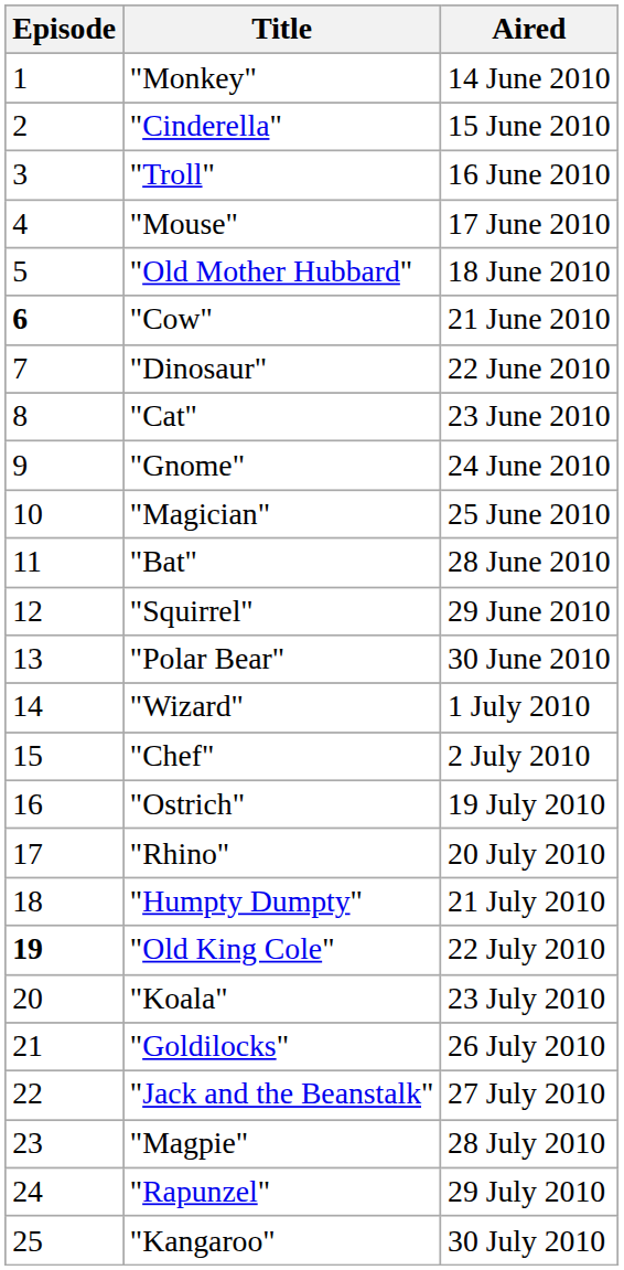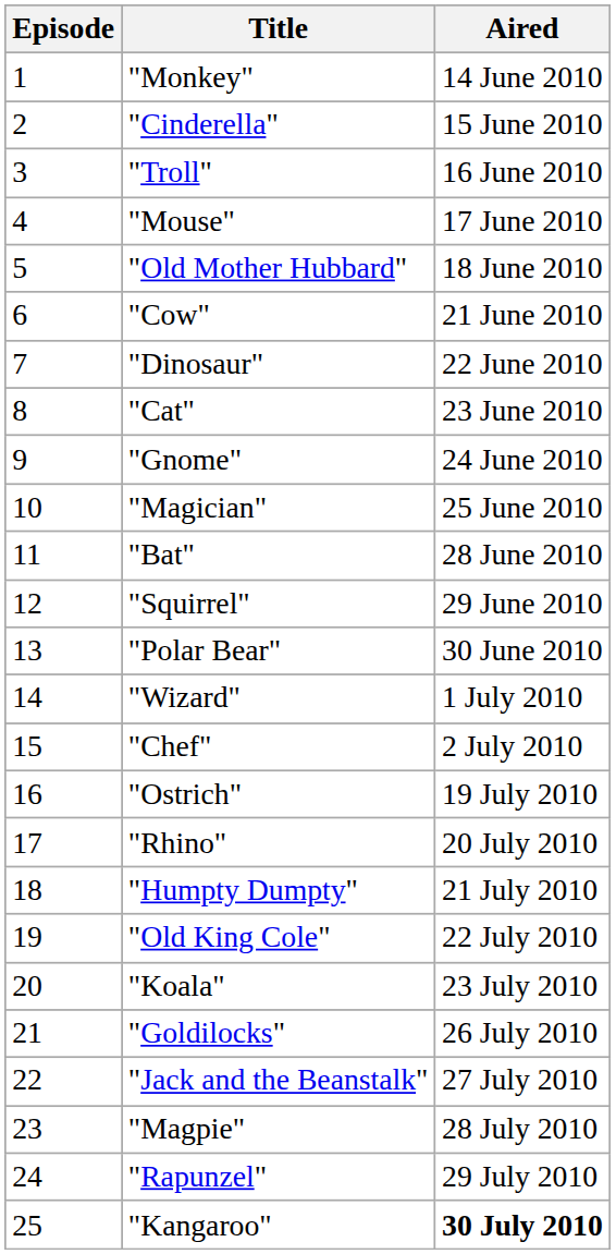 <table class="wikitable sortable" style="background: #FFFFFF;">
 <tr>
 <th>Episode</th>
 <th>Title</th>
 <th>Aired</th>
 </tr>
 <tr>
 <td>1</td>
 <td>"Monkey"</td>
 <td>14 June 2010</td>
 </tr>
 <tr>
 <td>2</td>
 <td>"<a href='#'>Cinderella</a>"</td>
 <td>15 June 2010</td>
 </tr>
 <tr>
 <td>3</td>
 <td>"<a href='#'>Troll</a>"</td>
 <td>16 June 2010</td>
 </tr>
 <tr>
 <td>4</td>
 <td>"Mouse"</td>
 <td>17 June 2010</td>
 </tr>
 <tr>
 <td>5</td>
 <td>"<a href='#'>Old Mother Hubbard</a>"</td>
 <td>18 June 2010</td>
 </tr>
 <tr>
-<td><strong>6</strong></td>
+<td>6</td>
 <td>"Cow"</td>
 <td>21 June 2010</td>
 </tr>
 <tr>
 <td>7</td>
 <td>"Dinosaur"</td>
 <td>22 June 2010</td>
 </tr>
 <tr>
 <td>8</td>
 <td>"Cat"</td>
 <td>23 June 2010</td>
 </tr>
 <tr>
 <td>9</td>
 <td>"Gnome"</td>
 <td>24 June 2010</td>
 </tr>
 <tr>
 <td>10</td>
 <td>"Magician"</td>
 <td>25 June 2010</td>
 </tr>
 <tr>
 <td>11</td>
 <td>"Bat"</td>
 <td>28 June 2010</td>
 </tr>
 <tr>
 <td>12</td>
 <td>"Squirrel"</td>
 <td>29 June 2010</td>
 </tr>
 <tr>
 <td>13</td>
 <td>"Polar Bear"</td>
 <td>30 June 2010</td>
 </tr>
 <tr>
 <td>14</td>
 <td>"Wizard"</td>
 <td>1 July 2010</td>
 </tr>
 <tr>
 <td>15</td>
 <td>"Chef"</td>
 <td>2 July 2010</td>
 </tr>
 <tr>
 <td>16</td>
 <td>"Ostrich"</td>
 <td>19 July 2010</td>
 </tr>
 <tr>
 <td>17</td>
 <td>"Rhino"</td>
 <td>20 July 2010</td>
 </tr>
 <tr>
 <td>18</td>
 <td>"<a href='#'>Humpty Dumpty</a>"</td>
 <td>21 July 2010</td>
 </tr>
 <tr>
-<td><strong>19</strong></td>
+<td>19</td>
 <td>"<a href='#'>Old King Cole</a>"</td>
 <td>22 July 2010</td>
 </tr>
 <tr>
 <td>20</td>
 <td>"Koala"</td>
 <td>23 July 2010</td>
 </tr>
 <tr>
 <td>21</td>
 <td>"<a href='#'>Goldilocks</a>"</td>
 <td>26 July 2010</td>
 </tr>
 <tr>
 <td>22</td>
 <td>"<a href='#'>Jack and the Beanstalk</a>"</td>
 <td>27 July 2010</td>
 </tr>
 <tr>
 <td>23</td>
 <td>"Magpie"</td>
 <td>28 July 2010</td>
 </tr>
 <tr>
 <td>24</td>
 <td>"<a href='#'>Rapunzel</a>"</td>
 <td>29 July 2010</td>
 </tr>
 <tr>
 <td>25</td>
 <td>"Kangaroo"</td>
-<td>30 July 2010</td>
+<td><strong>30 July 2010</strong></td>
 </tr>
 <tr>
 </tr>
 </table>
